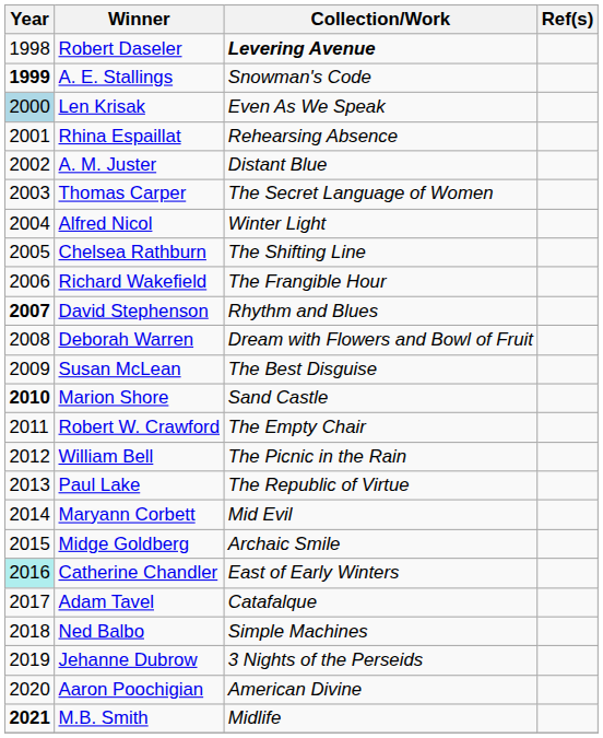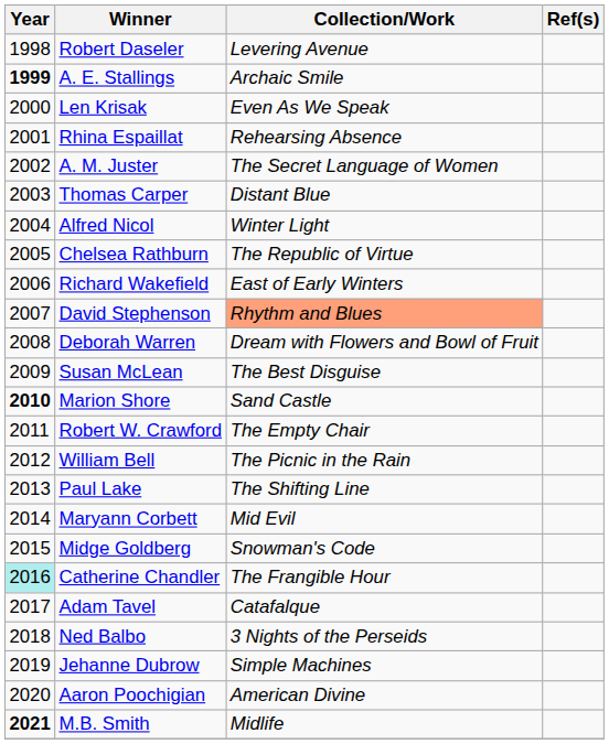 <table class="wikitable">
 <tr>
 <th>Year</th>
 <th>Winner</th>
 <th>Collection/Work</th>
 <th>Ref(s)</th>
 </tr>
 <tr>
 <td>1998</td>
 <td><a href='#'>Robert Daseler</a></td>
-<td><strong><em>Levering Avenue</em></strong></td>
+<td><em>Levering Avenue</em></td>
 <td></td>
 </tr>
 <tr>
 <td><strong>1999</strong></td>
 <td><a href='#'>A. E. Stallings</a></td>
-<td><em>Snowman's Code</em></td>
+<td><em>Archaic Smile</em></td>
 <td></td>
 </tr>
 <tr>
-<td style="background: lightblue;">2000</td>
+<td>2000</td>
 <td><a href='#'>Len Krisak</a></td>
 <td><em>Even As We Speak</em></td>
 <td></td>
 </tr>
 <tr>
 <td>2001</td>
 <td><a href='#'>Rhina Espaillat</a></td>
 <td><em>Rehearsing Absence</em></td>
 <td></td>
 </tr>
 <tr>
 <td>2002</td>
 <td><a href='#'>A. M. Juster</a></td>
-<td><em>Distant Blue</em></td>
+<td><em>The Secret Language of Women</em></td>
 <td></td>
 </tr>
 <tr>
 <td>2003</td>
 <td><a href='#'>Thomas Carper</a></td>
-<td><em>The Secret Language of Women</em></td>
+<td><em>Distant Blue</em></td>
 <td></td>
 </tr>
 <tr>
 <td>2004</td>
 <td><a href='#'>Alfred Nicol</a></td>
 <td><em>Winter Light</em></td>
 <td></td>
 </tr>
 <tr>
 <td>2005</td>
 <td><a href='#'>Chelsea Rathburn</a></td>
-<td><em>The Shifting Line</em></td>
+<td><em>The Republic of Virtue</em></td>
 <td></td>
 </tr>
 <tr>
 <td>2006</td>
 <td><a href='#'>Richard Wakefield</a></td>
-<td><em>The Frangible Hour</em></td>
+<td><em>East of Early Winters</em></td>
 <td></td>
 </tr>
 <tr>
-<td><strong>2007</strong></td>
+<td>2007</td>
 <td><a href='#'>David Stephenson</a></td>
-<td><em>Rhythm and Blues</em></td>
+<td style="background: lightsalmon;"><em>Rhythm and Blues</em></td>
 <td></td>
 </tr>
 <tr>
 <td>2008</td>
 <td><a href='#'>Deborah Warren</a></td>
 <td><em>Dream with Flowers and Bowl of Fruit</em></td>
 <td></td>
 </tr>
 <tr>
 <td>2009</td>
 <td><a href='#'>Susan McLean</a></td>
 <td><em>The Best Disguise</em></td>
 <td></td>
 </tr>
 <tr>
 <td><strong>2010</strong></td>
 <td><a href='#'>Marion Shore</a></td>
 <td><em>Sand Castle</em></td>
 <td></td>
 </tr>
 <tr>
 <td>2011</td>
 <td><a href='#'>Robert W. Crawford</a></td>
 <td><em>The Empty Chair</em></td>
 <td></td>
 </tr>
 <tr>
 <td>2012</td>
 <td><a href='#'>William Bell</a></td>
 <td><em>The Picnic in the Rain</em></td>
 <td></td>
 </tr>
 <tr>
 <td>2013</td>
 <td><a href='#'>Paul Lake</a></td>
-<td><em>The Republic of Virtue</em></td>
+<td><em>The Shifting Line</em></td>
 <td></td>
 </tr>
 <tr>
 <td>2014</td>
 <td><a href='#'>Maryann Corbett</a></td>
 <td><em>Mid Evil</em></td>
 <td></td>
 </tr>
 <tr>
 <td>2015</td>
 <td><a href='#'>Midge Goldberg</a></td>
-<td><em>Archaic Smile</em></td>
+<td><em>Snowman's Code</em></td>
 <td></td>
 </tr>
 <tr>
 <td style="background: paleturquoise;">2016</td>
 <td><a href='#'>Catherine Chandler</a></td>
-<td><em>East of Early Winters</em></td>
+<td><em>The Frangible Hour</em></td>
 <td></td>
 </tr>
 <tr>
 <td>2017</td>
 <td><a href='#'>Adam Tavel</a></td>
 <td><em>Catafalque</em></td>
 <td></td>
 </tr>
 <tr>
 <td>2018</td>
 <td><a href='#'>Ned Balbo</a></td>
-<td><em>Simple Machines</em></td>
+<td><em>3 Nights of the Perseids</em></td>
 <td></td>
 </tr>
 <tr>
 <td>2019</td>
 <td><a href='#'>Jehanne Dubrow</a></td>
-<td><em>3 Nights of the Perseids</em></td>
+<td><em>Simple Machines</em></td>
 <td></td>
 </tr>
 <tr>
 <td>2020</td>
 <td><a href='#'>Aaron Poochigian</a></td>
 <td><em>American Divine</em></td>
 <td></td>
 </tr>
 <tr>
 <td><strong>2021</strong></td>
 <td><a href='#'>M.B. Smith</a></td>
 <td><em>Midlife</em></td>
 <td></td>
 </tr>
 <tr>
 </tr>
 </table>
